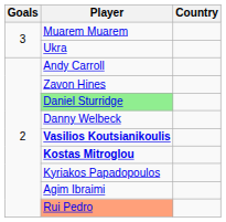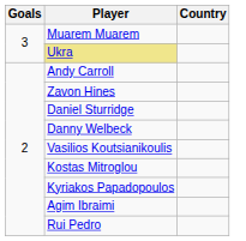 <table class="wikitable" style="text-align: left;">
 <tr>
 <th>Goals</th>
 <th>Player</th>
 <th>Country</th>
 </tr>
 <tr>
 <td rowspan="2" align=center>3</td>
 <td><a href='#'>Muarem Muarem</a></td>
 <td></td>
 </tr>
 <tr>
-<td><a href='#'>Ukra</a></td>
+<td style="background: khaki;"><a href='#'>Ukra</a></td>
 <td></td>
 </tr>
 <tr>
 <td rowspan="9" align=center>2</td>
 <td><a href='#'>Andy Carroll</a></td>
 <td></td>
 </tr>
 <tr>
 <td><a href='#'>Zavon Hines</a></td>
 <td></td>
 </tr>
 <tr>
-<td style="background: lightgreen;"><a href='#'>Daniel Sturridge</a></td>
+<td><a href='#'>Daniel Sturridge</a></td>
 <td></td>
 </tr>
 <tr>
 <td><a href='#'>Danny Welbeck</a></td>
 <td></td>
 </tr>
 <tr>
-<td><strong><a href='#'>Vasilios Koutsianikoulis</a></strong></td>
+<td><a href='#'>Vasilios Koutsianikoulis</a></td>
 <td></td>
 </tr>
 <tr>
-<td><strong><a href='#'>Kostas Mitroglou</a></strong></td>
+<td><a href='#'>Kostas Mitroglou</a></td>
 <td></td>
 </tr>
 <tr>
 <td><a href='#'>Kyriakos Papadopoulos</a></td>
 <td></td>
 </tr>
 <tr>
 <td><a href='#'>Agim Ibraimi</a></td>
 <td></td>
 </tr>
 <tr>
-<td style="background: lightsalmon;"><a href='#'>Rui Pedro</a></td>
+<td><a href='#'>Rui Pedro</a></td>
 <td></td>
 </tr>
 </table>
